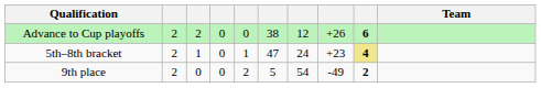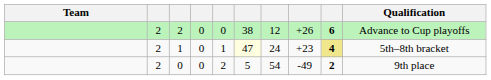 <table class="wikitable" style="text-align:center">
 <tr>
-<th style="width:12.5em">Qualification</th>
+<th style="width:12.5em">Team</th>
 <th style="width:1.5em;"></th>
 <th style="width:1.5em;"></th>
 <th style="width:1.5em;"></th>
 <th style="width:1.5em;"></th>
 <th style="width:2.0em;"></th>
 <th style="width:2.0em;"></th>
 <th style="width:2.5em;"></th>
 <th style="width:1.5em;"></th>
-<th style="width:12.5em">Team</th>
+<th style="width:12.5em">Qualification</th>
 </tr>
 <tr bgcolor=#bbf3bb>
-<td>Advance to Cup playoffs</td>
+<td align=left></td>
 <td>2</td>
 <td>2</td>
 <td>0</td>
 <td>0</td>
 <td>38</td>
 <td>12</td>
 <td>+26</td>
 <td><strong>6</strong></td>
-<td align=left></td>
+<td>Advance to Cup playoffs</td>
 </tr>
 <tr>
-<td>5th–8th bracket</td>
+<td align=left></td>
 <td>2</td>
 <td>1</td>
 <td>0</td>
 <td>1</td>
-<td>47</td>
+<td style="background: lightyellow;">47</td>
 <td>24</td>
 <td>+23</td>
 <td style="background: khaki;"><strong>4</strong></td>
-<td align=left></td>
+<td>5th–8th bracket</td>
 </tr>
 <tr>
-<td>9th place</td>
+<td align=left></td>
 <td>2</td>
 <td>0</td>
 <td>0</td>
 <td>2</td>
 <td>5</td>
 <td>54</td>
 <td>-49</td>
 <td><strong>2</strong></td>
-<td align=left></td>
+<td>9th place</td>
 </tr>
 </table>
